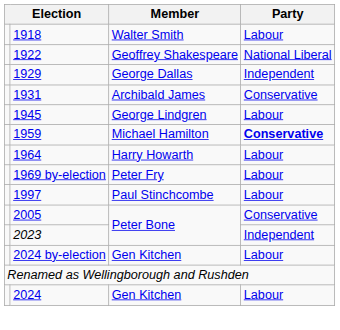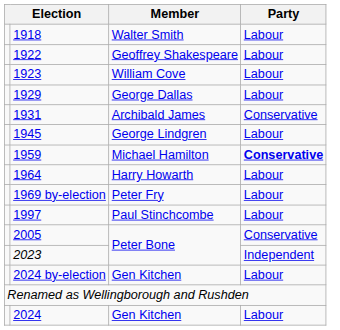 <table class="wikitable">
 <tr>
 <th colspan="2">Election</th>
 <th>Member</th>
 <th>Party</th>
 </tr>
 <tr>
 <td style="color:inherit;background-color: "></td>
 <td><a href='#'>1918</a></td>
 <td><a href='#'>Walter Smith</a></td>
 <td><a href='#'>Labour</a></td>
 </tr>
 <tr>
 <td style="color:inherit;background-color: "></td>
 <td><a href='#'>1922</a></td>
 <td><a href='#'>Geoffrey Shakespeare</a></td>
-<td><a href='#'>National Liberal</a></td>
+<td><a href='#'>Labour</a></td>
+</tr>
+<tr>
+<td style="color:inherit;background-color: "></td>
+<td><a href='#'>1923</a></td>
+<td><a href='#'>William Cove</a></td>
+<td><a href='#'>Labour</a></td>
 </tr>
 <tr>
 <td style="color:inherit;background-color: "></td>
 <td><a href='#'>1929</a></td>
 <td><a href='#'>George Dallas</a></td>
-<td><a href='#'>Independent</a></td>
+<td><a href='#'>Labour</a></td>
 </tr>
 <tr>
 <td style="color:inherit;background-color: "></td>
 <td><a href='#'>1931</a></td>
 <td><a href='#'>Archibald James</a></td>
 <td><a href='#'>Conservative</a></td>
 </tr>
 <tr>
 <td style="color:inherit;background-color: "></td>
 <td><a href='#'>1945</a></td>
 <td><a href='#'>George Lindgren</a></td>
 <td><a href='#'>Labour</a></td>
 </tr>
 <tr>
 <td style="color:inherit;background-color: "></td>
 <td><a href='#'>1959</a></td>
 <td><a href='#'>Michael Hamilton</a></td>
 <td><strong><a href='#'>Conservative</a></strong></td>
 </tr>
 <tr>
 <td style="color:inherit;background-color: "></td>
 <td><a href='#'>1964</a></td>
 <td><a href='#'>Harry Howarth</a></td>
 <td><a href='#'>Labour</a></td>
 </tr>
 <tr>
 <td style="color:inherit;background-color: "></td>
 <td><a href='#'>1969 by-election</a></td>
 <td><a href='#'>Peter Fry</a></td>
 <td><a href='#'>Labour</a></td>
 </tr>
 <tr>
 <td style="color:inherit;background-color: "></td>
 <td><a href='#'>1997</a></td>
 <td><a href='#'>Paul Stinchcombe</a></td>
 <td><a href='#'>Labour</a></td>
 </tr>
 <tr>
 <td style="color:inherit;background-color: "></td>
 <td><a href='#'>2005</a></td>
 <td rowspan=2><a href='#'>Peter Bone</a></td>
 <td><a href='#'>Conservative</a></td>
 </tr>
 <tr>
 <td style="color:inherit;background-color: "></td>
 <td><em>2023</em></td>
 <td><a href='#'>Independent</a></td>
 </tr>
 <tr>
 <td style="color:inherit;background-color: "></td>
 <td><a href='#'>2024 by-election</a></td>
 <td><a href='#'>Gen Kitchen</a></td>
 <td><a href='#'>Labour</a></td>
 </tr>
 <tr>
 <td colspan="4"><em>Renamed as Wellingborough and Rushden</em></td>
 </tr>
 <tr>
 <td style="color:inherit;background-color: "></td>
 <td><a href='#'>2024</a></td>
 <td><a href='#'>Gen Kitchen</a></td>
 <td><a href='#'>Labour</a></td>
 </tr>
 </table>
